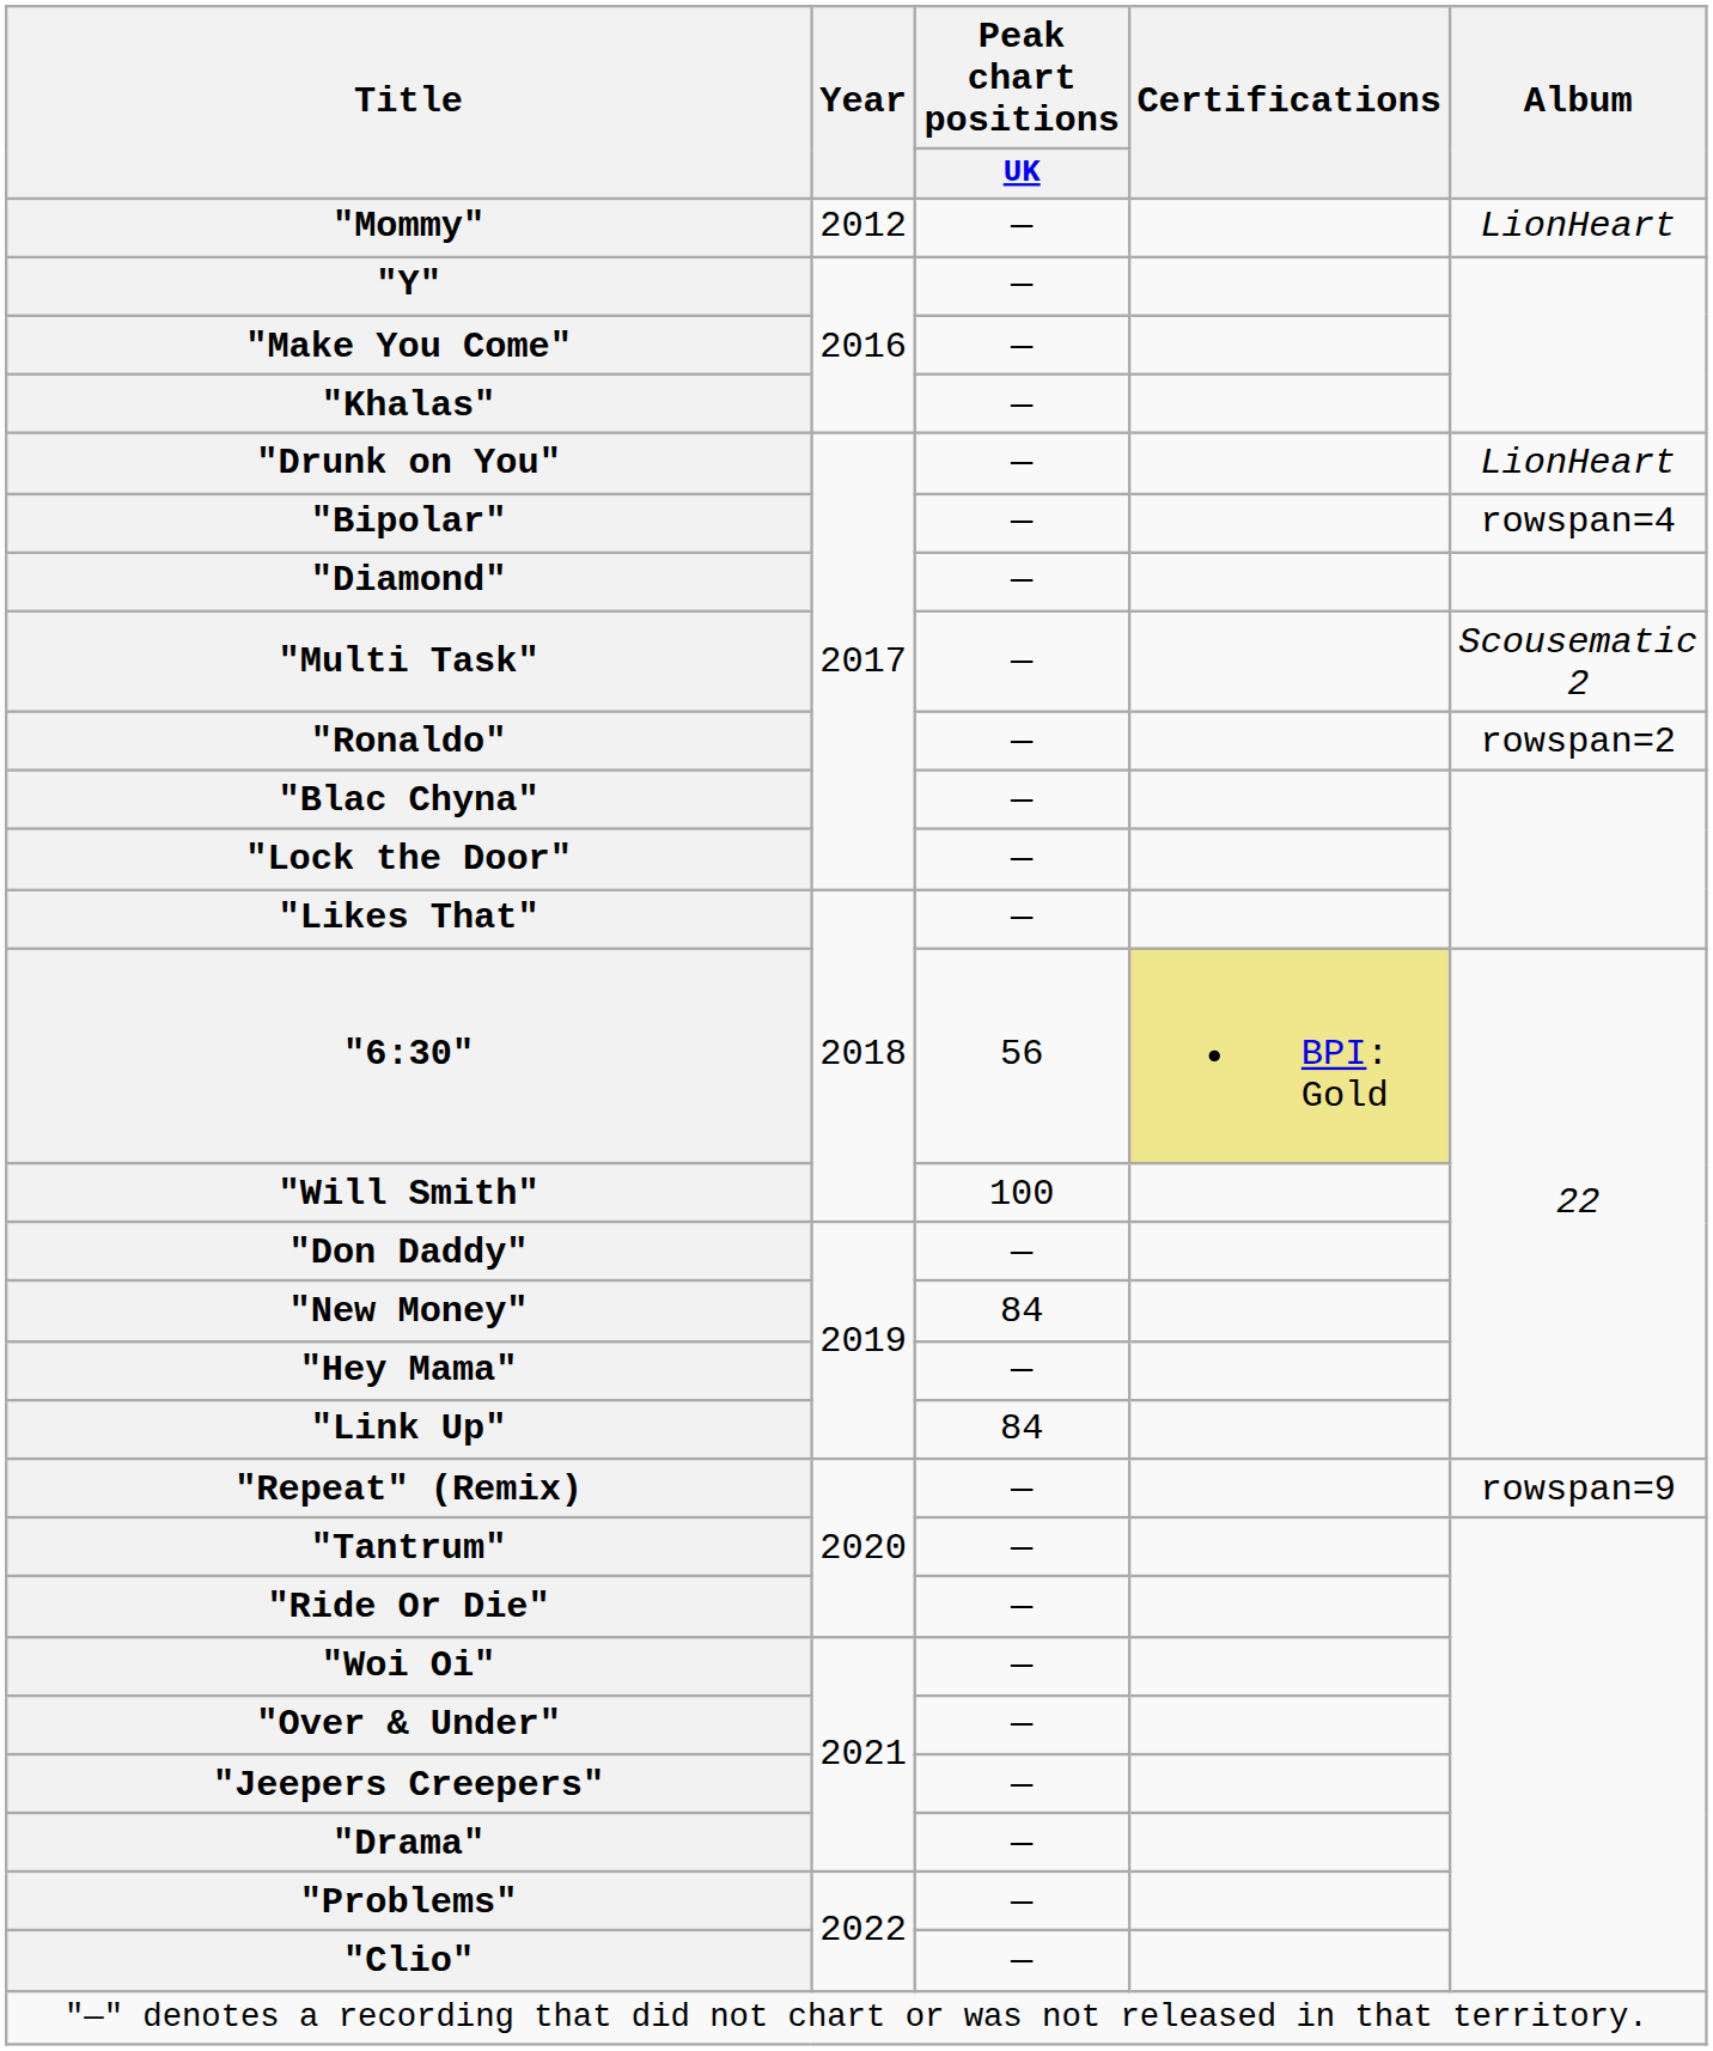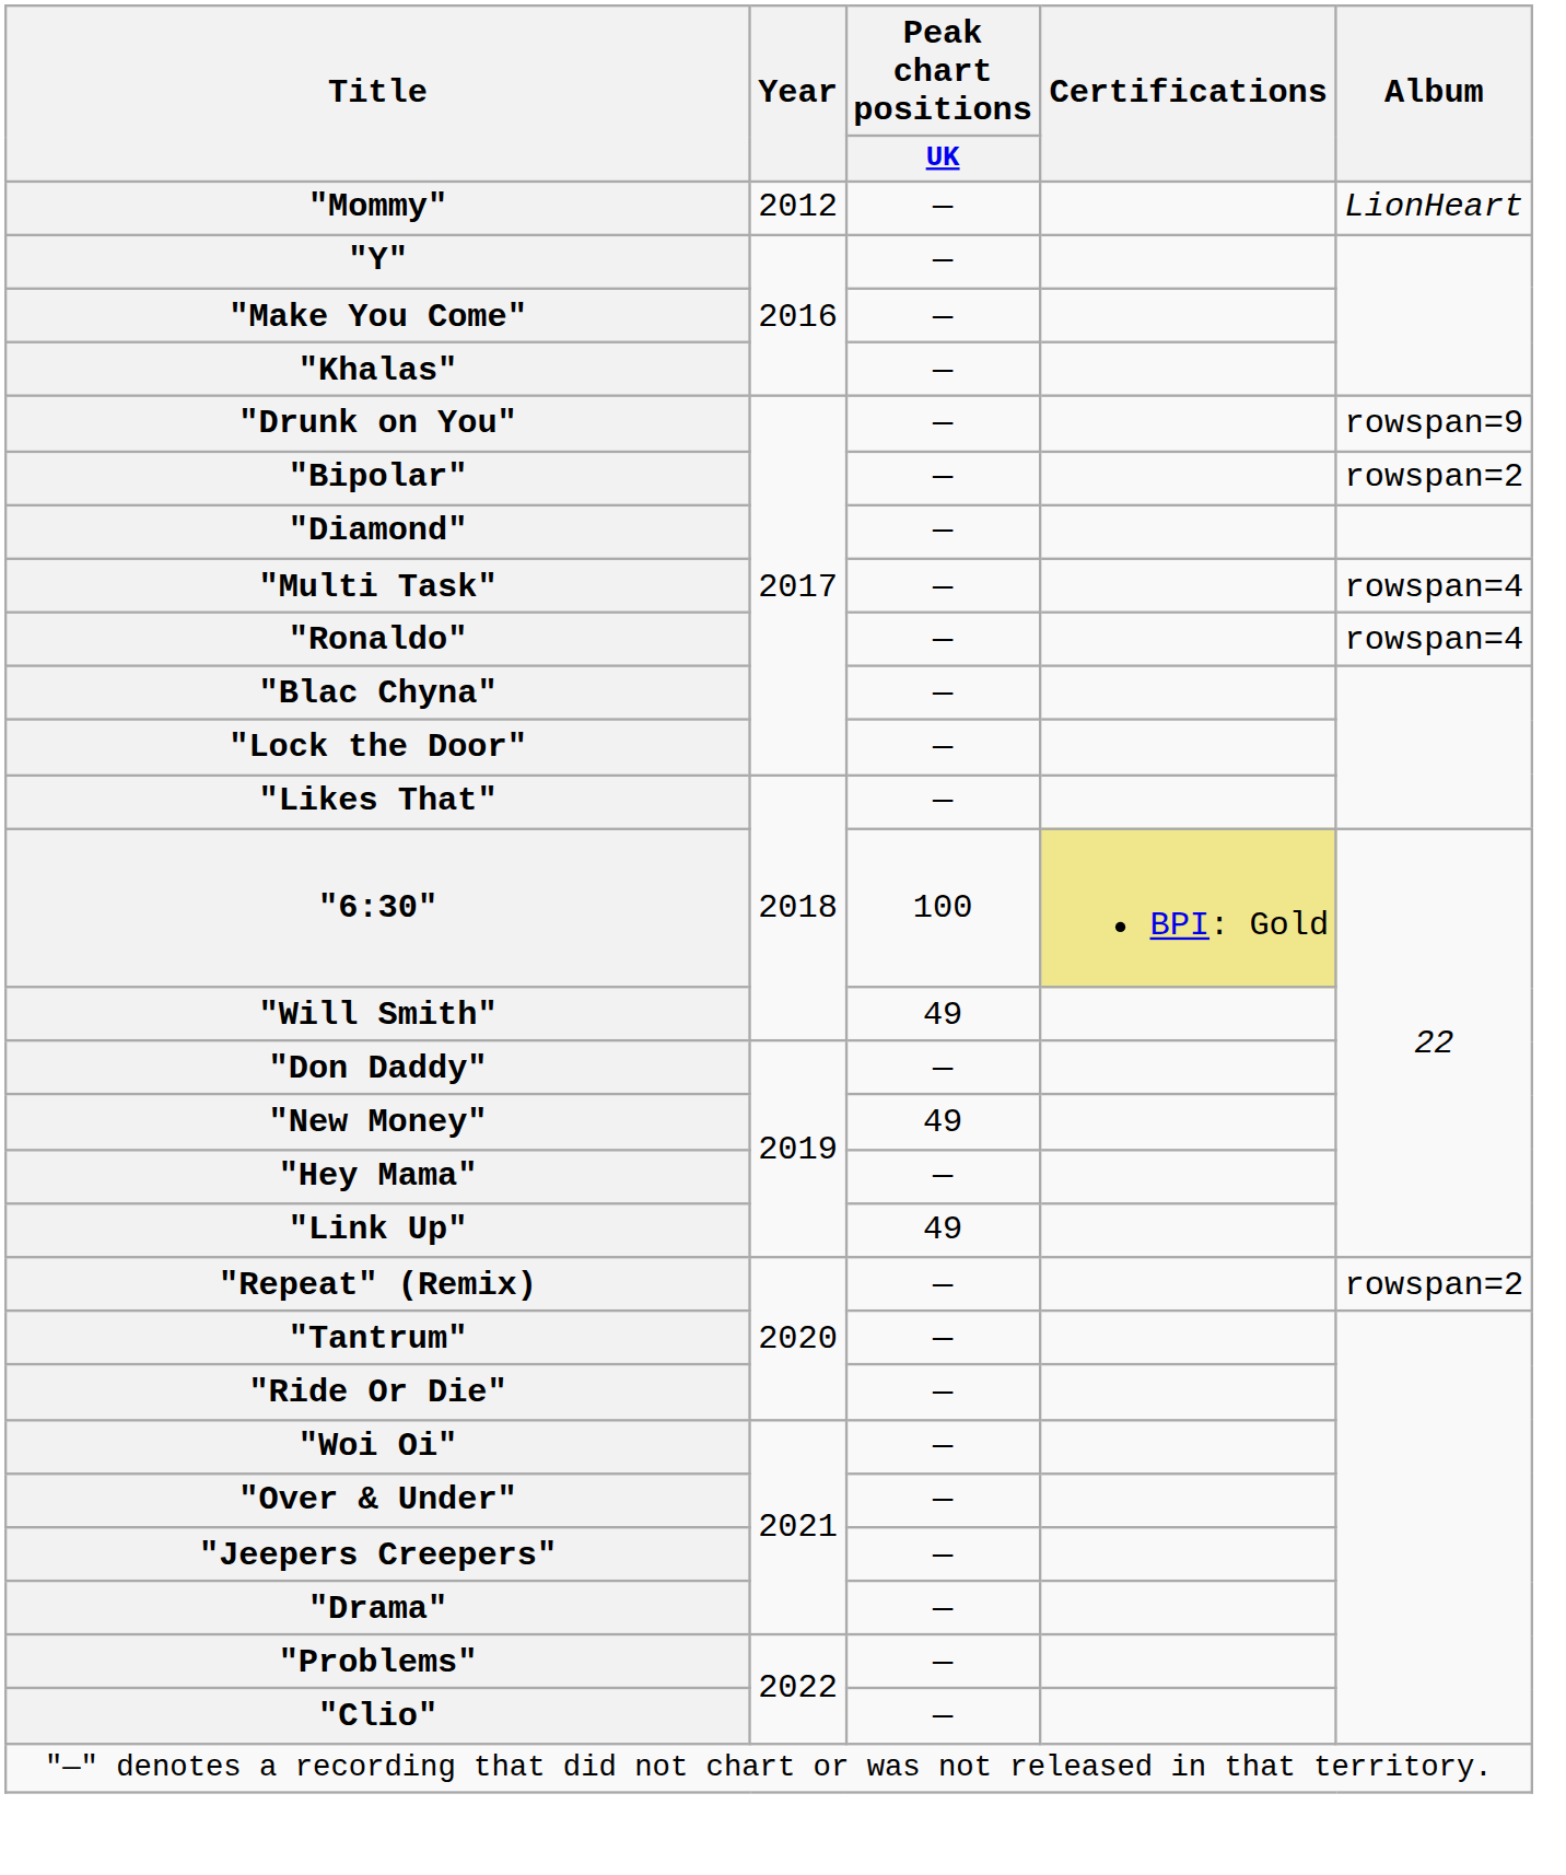 <table class="wikitable plainrowheaders" style="text-align:center;">
 <tr>
 <th scope="col" rowspan="2" style="width:22em;">Title</th>
 <th scope="col" rowspan="2">Year</th>
 <th scope="col" colspan="1">Peak chart positions</th>
 <th scope="col" rowspan="2">Certifications</th>
 <th scope="col" rowspan="2">Album</th>
 </tr>
 <tr>
 <th scope="col" style="width:3em;font-size:85%;"><a href='#'>UK</a><br></th>
 </tr>
 <tr>
 <th scope="row">"Mommy"<br></th>
 <td>2012</td>
 <td>—</td>
 <td></td>
 <td><em>LionHeart</em></td>
 </tr>
 <tr>
 <th scope="row">"Y"<br></th>
 <td rowspan=3>2016</td>
 <td>—</td>
 <td></td>
 </tr>
 <tr>
 <th scope="row">"Make You Come"<br></th>
 <td>—</td>
 <td></td>
 </tr>
 <tr>
 <th scope="row">"Khalas"<br></th>
 <td>—</td>
 <td></td>
 </tr>
 <tr>
 <th scope="row">"Drunk on You"</th>
 <td rowspan=7>2017</td>
 <td>—</td>
 <td></td>
-<td><em>LionHeart</em></td>
+<td>rowspan=9 </td>
 </tr>
 <tr>
 <th scope="row">"Bipolar"<br></th>
 <td>—</td>
 <td></td>
-<td>rowspan=4 </td>
+<td>rowspan=2 </td>
 </tr>
 <tr>
 <th scope="row">"Diamond"<br></th>
 <td>—</td>
 <td></td>
 </tr>
 <tr>
 <th scope="row">"Multi Task"<br></th>
 <td>—</td>
 <td></td>
-<td><em>Scousematic 2</em></td>
+<td>rowspan=4 </td>
 </tr>
 <tr>
 <th scope="row">"Ronaldo"</th>
 <td>—</td>
 <td></td>
-<td>rowspan=2 </td>
+<td>rowspan=4 </td>
 </tr>
 <tr>
 <th scope="row">"Blac Chyna"</th>
 <td>—</td>
 <td></td>
 </tr>
 <tr>
 <th scope="row">"Lock the Door"</th>
 <td>—</td>
 <td></td>
 </tr>
 <tr>
 <th scope="row">"Likes That"</th>
 <td rowspan=3>2018</td>
 <td>—</td>
 <td></td>
 </tr>
 <tr>
 <th scope="row">"6:30"<br></th>
-<td>56</td>
+<td>100</td>
 <td style="background: khaki;"><br><ul><li><a href='#'>BPI</a>: Gold</li></ul></td>
 <td rowspan=6><em>22</em></td>
 </tr>
 <tr>
 <th scope="row">"Will Smith"<br></th>
-<td>100</td>
+<td>49</td>
 <td></td>
 </tr>
 <tr>
 <th scope="row">"Don Daddy"</th>
 <td rowspan=4>2019</td>
 <td>—</td>
 <td></td>
 </tr>
 <tr>
 <th scope="row">"New Money"<br></th>
-<td>84</td>
+<td>49</td>
 <td></td>
 </tr>
 <tr>
 <th scope="row">"Hey Mama"<br></th>
 <td>—</td>
 <td></td>
 </tr>
 <tr>
 <th scope="row">"Link Up"<br></th>
-<td>84</td>
+<td>49</td>
 <td></td>
 </tr>
 <tr>
 <th scope="row">"Repeat" (Remix)<br></th>
 <td rowspan=3>2020</td>
 <td>—</td>
 <td></td>
-<td>rowspan=9 </td>
+<td>rowspan=2 </td>
 </tr>
 <tr>
 <th scope="row">"Tantrum"</th>
 <td>—</td>
 <td></td>
 </tr>
 <tr>
 <th scope="row">"Ride Or Die"<br></th>
 <td>—</td>
 <td></td>
 </tr>
 <tr>
 <th scope="row">"Woi Oi"<br></th>
 <td rowspan=4>2021</td>
 <td>—</td>
 <td></td>
 </tr>
 <tr>
 <th scope="row">"Over & Under"</th>
 <td>—</td>
 <td></td>
 </tr>
 <tr>
 <th scope="row">"Jeepers Creepers"<br></th>
 <td>—</td>
 <td></td>
 </tr>
 <tr>
 <th scope="row">"Drama"</th>
 <td>—</td>
 <td></td>
 </tr>
 <tr>
 <th scope="row">"Problems"<br></th>
 <td rowspan=2>2022</td>
 <td>—</td>
 <td></td>
 </tr>
 <tr>
 <th scope="row">"Clio"<br></th>
 <td>—</td>
 <td></td>
 </tr>
 <tr>
 <td colspan="6" style="font-size:90%">"—" denotes a recording that did not chart or was not released in that territory.</td>
 </tr>
 </table>
